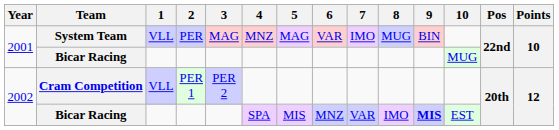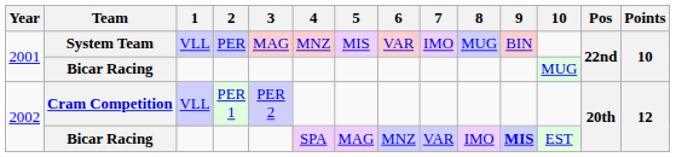 <table class="wikitable" border="1" style="text-align:center; font-size:90%;">
 <tr>
 <th>Year</th>
 <th>Team</th>
 <th>1</th>
 <th>2</th>
 <th>3</th>
 <th>4</th>
 <th>5</th>
 <th>6</th>
 <th>7</th>
 <th>8</th>
 <th>9</th>
 <th>10</th>
 <th>Pos</th>
 <th>Points</th>
 </tr>
 <tr>
 <td rowspan="2"><a href='#'>2001</a></td>
 <th>System Team</th>
 <td style="background:#CFCFFF;"><a href='#'>VLL</a><br></td>
 <td style="background:#CFCFFF;"><a href='#'>PER</a><br></td>
 <td style="background:#FFCFCF;"><a href='#'>MAG</a><br></td>
 <td style="background:#FFCFCF;"><a href='#'>MNZ</a><br></td>
-<td style="background:#EFCFFF;"><a href='#'>MAG</a><br></td>
+<td style="background:#EFCFFF;"><a href='#'>MIS</a><br></td>
 <td style="background:#FFCFCF;"><a href='#'>VAR</a><br></td>
 <td style="background:#EFCFFF;"><a href='#'>IMO</a><br></td>
 <td style="background:#CFCFFF;"><a href='#'>MUG</a><br></td>
 <td style="background:#FFCFCF;"><a href='#'>BIN</a><br></td>
 <td></td>
 <th rowspan="2">22nd</th>
 <th rowspan="2">10</th>
 </tr>
 <tr>
 <th>Bicar Racing</th>
 <td></td>
 <td></td>
 <td></td>
 <td></td>
 <td></td>
 <td></td>
 <td></td>
 <td></td>
 <td></td>
 <td style="background:#DFFFDF;"><a href='#'>MUG</a><br></td>
 </tr>
 <tr>
 <td rowspan="2"><a href='#'>2002</a></td>
 <th><a href='#'>Cram Competition</a></th>
 <td style="background:#CFCFFF;"><a href='#'>VLL</a><br></td>
 <td style="background:#DFFFDF;"><a href='#'>PER<br>1</a><br></td>
 <td style="background:#CFCFFF;"><a href='#'>PER<br>2</a><br></td>
 <td></td>
 <td></td>
 <td></td>
 <td></td>
 <td></td>
 <td></td>
 <td></td>
 <th rowspan="2">20th</th>
 <th rowspan="2">12</th>
 </tr>
 <tr>
 <th>Bicar Racing</th>
 <td></td>
 <td></td>
 <td></td>
 <td style="background:#EFCFFF;"><a href='#'>SPA</a><br></td>
-<td style="background:#EFCFFF;"><a href='#'>MIS</a><br></td>
+<td style="background:#EFCFFF;"><a href='#'>MAG</a><br></td>
 <td style="background:#CFCFFF;"><a href='#'>MNZ</a><br></td>
 <td style="background:#CFCFFF;"><a href='#'>VAR</a><br></td>
 <td style="background:#EFCFFF;"><a href='#'>IMO</a><br></td>
 <td style="background:#CFCFFF;"><strong><a href='#'>MIS</a><br></strong></td>
 <td style="background:#DFFFDF;"><a href='#'>EST</a><br></td>
 </tr>
 </table>
